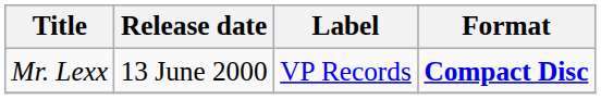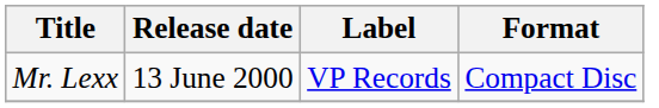 <table class="wikitable" style="font-size:100%">
 <tr>
 <th>Title</th>
 <th>Release date</th>
 <th>Label</th>
 <th>Format</th>
 </tr>
 <tr>
 <td align=left><em>Mr. Lexx</em></td>
 <td align=left>13 June 2000</td>
 <td align=left><a href='#'>VP Records</a></td>
-<td align=left><strong><a href='#'>Compact Disc</a></strong></td>
+<td align=left><a href='#'>Compact Disc</a></td>
 </tr>
 <tr>
 </tr>
 </table>
